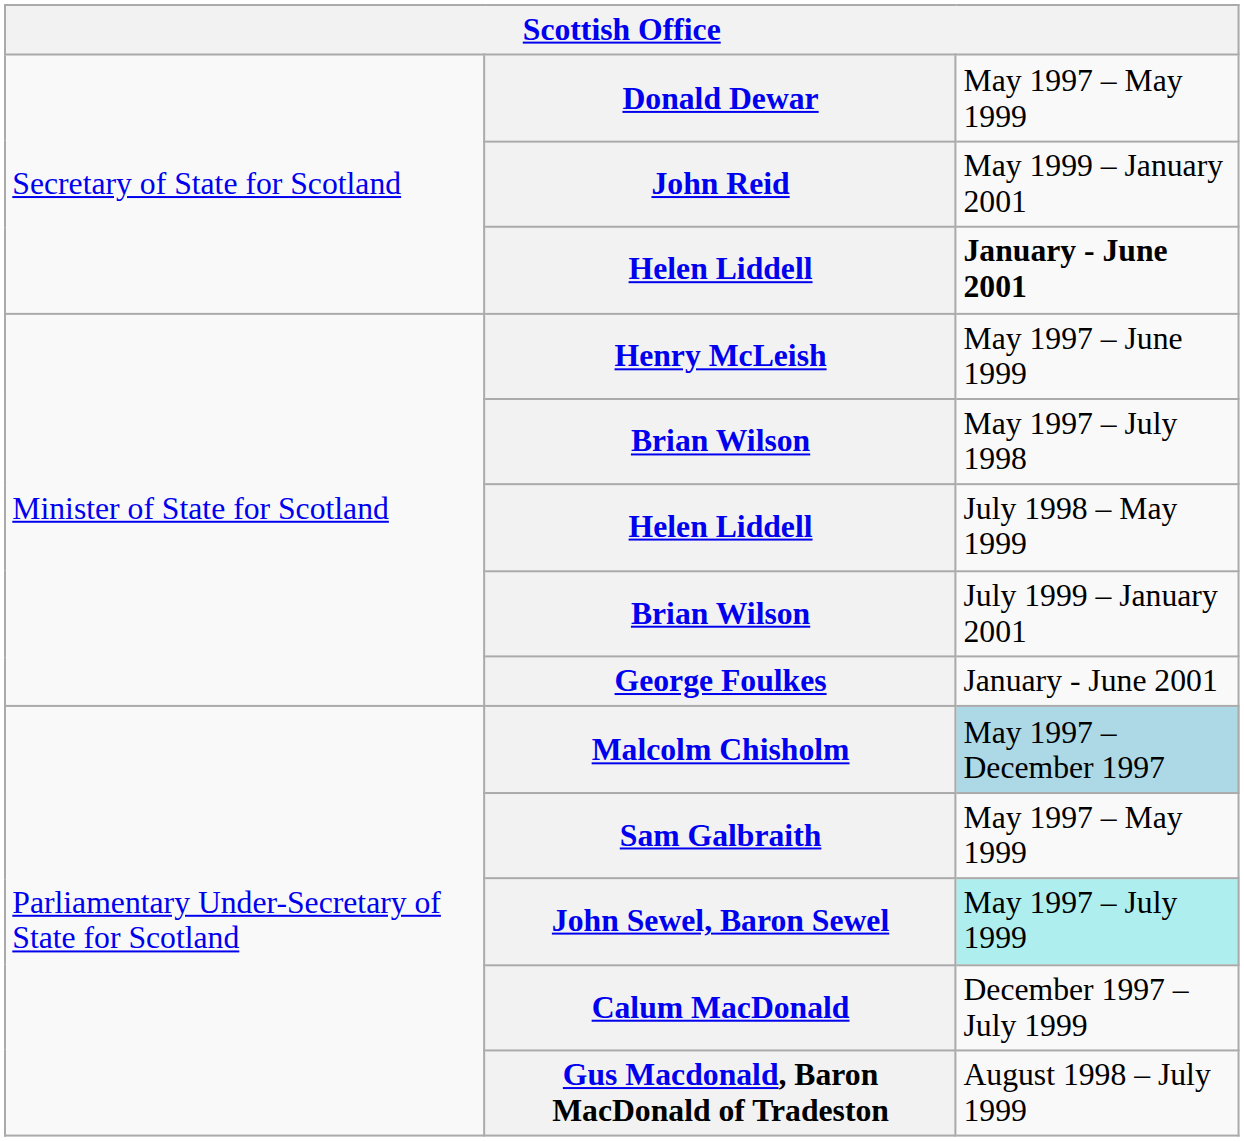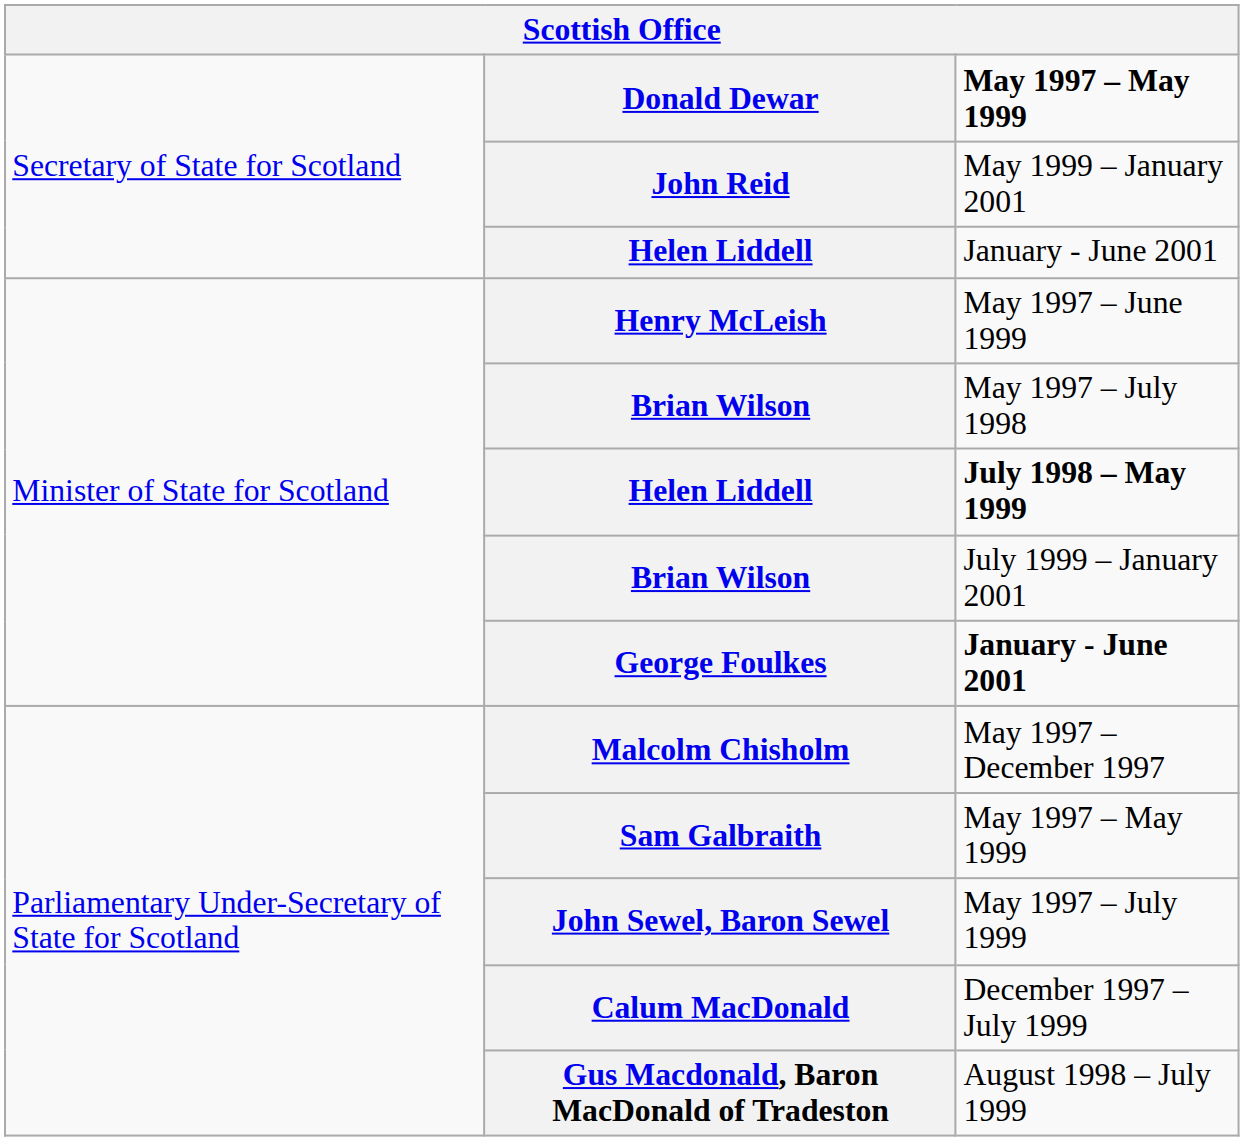 <table class="wikitable plainrowheaders" width=100% style="max-width:55em;">
 <tr>
 <th colspan=4><a href='#'>Scottish Office</a></th>
 </tr>
 <tr>
 <td rowspan="3"><a href='#'>Secretary of State for Scotland</a></td>
 <th scope="row" style="font-weight:bold;"><a href='#'>Donald Dewar</a></th>
-<td>May 1997 – May 1999</td>
+<td><strong>May 1997 – May 1999</strong></td>
 </tr>
 <tr>
 <th scope="row" style="font-weight:bold;"><a href='#'>John Reid</a></th>
 <td>May 1999 – January 2001</td>
 </tr>
 <tr>
 <th scope="row" style="font-weight:bold;"><a href='#'>Helen Liddell</a></th>
-<td><strong>January - June 2001</strong></td>
+<td>January - June 2001</td>
 </tr>
 <tr>
 <td rowspan="5"><a href='#'>Minister of State for Scotland</a></td>
 <th scope="row"><a href='#'>Henry McLeish</a></th>
 <td>May 1997 – June 1999</td>
 </tr>
 <tr>
 <th scope="row"><a href='#'>Brian Wilson</a></th>
 <td>May 1997 – July 1998</td>
 </tr>
 <tr>
 <th scope="row"><a href='#'>Helen Liddell</a></th>
-<td>July 1998 – May 1999</td>
+<td><strong>July 1998 – May 1999</strong></td>
 </tr>
 <tr>
 <th scope="row"><a href='#'>Brian Wilson</a></th>
 <td>July 1999 – January 2001</td>
 </tr>
 <tr>
 <th scope="row"><a href='#'>George Foulkes</a></th>
-<td>January - June 2001</td>
+<td><strong>January - June 2001</strong></td>
 </tr>
 <tr>
 <td rowspan="5"><a href='#'>Parliamentary Under-Secretary of State for Scotland</a></td>
 <th scope="row"><a href='#'>Malcolm Chisholm</a></th>
-<td style="background: lightblue;">May 1997 – December 1997</td>
+<td>May 1997 – December 1997</td>
 </tr>
 <tr>
 <th scope="row"><a href='#'>Sam Galbraith</a></th>
 <td>May 1997 – May 1999</td>
 </tr>
 <tr>
 <th scope="row"><a href='#'>John Sewel, Baron Sewel</a></th>
-<td style="background: paleturquoise;">May 1997 – July 1999</td>
+<td>May 1997 – July 1999</td>
 </tr>
 <tr>
 <th scope="row"><a href='#'>Calum MacDonald</a></th>
 <td>December 1997 – July 1999</td>
 </tr>
 <tr>
 <th scope="row"><a href='#'>Gus Macdonald</a>, Baron MacDonald of Tradeston</th>
 <td>August 1998 – July 1999</td>
 </tr>
 </table>
